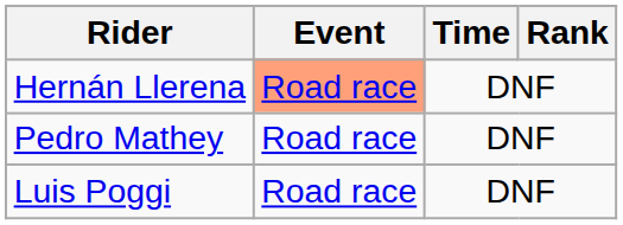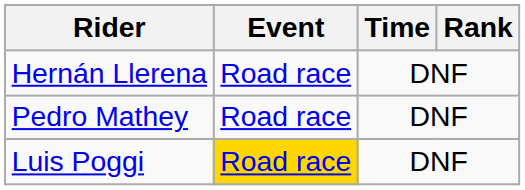 <table class="wikitable" border="1" style="font-size:90%">
 <tr>
 <th>Rider</th>
 <th>Event</th>
 <th>Time</th>
 <th>Rank</th>
 </tr>
 <tr align=center>
 <td align=left rowspan=1><a href='#'>Hernán Llerena</a></td>
-<td align=left style="background: lightsalmon;"><a href='#'>Road race</a></td>
+<td align=left><a href='#'>Road race</a></td>
 <td colspan=2>DNF</td>
 </tr>
 <tr align=center>
 <td align=left rowspan=1><a href='#'>Pedro Mathey</a></td>
 <td align=left><a href='#'>Road race</a></td>
 <td colspan=2>DNF</td>
 </tr>
 <tr align=center>
 <td align=left rowspan=1><a href='#'>Luis Poggi</a></td>
-<td align=left><a href='#'>Road race</a></td>
+<td align=left style="background: gold;"><a href='#'>Road race</a></td>
 <td colspan=2>DNF</td>
 </tr>
 </table>
